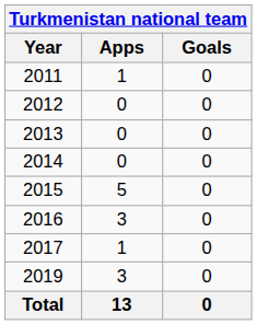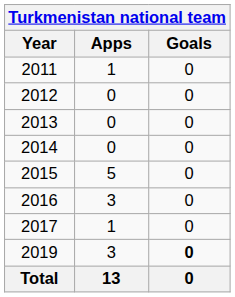 <table class="wikitable" style="text-align:center">
 <tr>
 <th colspan=3><a href='#'>Turkmenistan national team</a></th>
 </tr>
 <tr>
 <th>Year</th>
 <th>Apps</th>
 <th>Goals</th>
 </tr>
 <tr>
 <td>2011</td>
 <td>1</td>
 <td>0</td>
 </tr>
 <tr>
 <td>2012</td>
 <td>0</td>
 <td>0</td>
 </tr>
 <tr>
 <td>2013</td>
 <td>0</td>
 <td>0</td>
 </tr>
 <tr>
 <td>2014</td>
 <td>0</td>
 <td>0</td>
 </tr>
 <tr>
 <td>2015</td>
 <td>5</td>
 <td>0</td>
 </tr>
 <tr>
 <td>2016</td>
 <td>3</td>
 <td>0</td>
 </tr>
 <tr>
 <td>2017</td>
 <td>1</td>
 <td>0</td>
 </tr>
 <tr>
 <td>2019</td>
 <td>3</td>
-<td>0</td>
+<td><strong>0</strong></td>
 </tr>
 <tr>
 <th>Total</th>
 <th>13</th>
 <th>0</th>
 </tr>
 </table>
